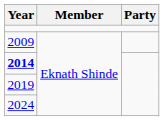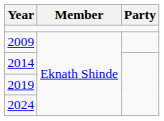 <table class="wikitable">
 <tr>
 <th>Year</th>
 <th>Member</th>
 <th colspan="2">Party</th>
 </tr>
 <tr>
 <td colspan="5"></td>
 </tr>
 <tr>
 <td><a href='#'>2009</a></td>
 <td rowspan="4"><a href='#'>Eknath Shinde</a></td>
 <td></td>
 </tr>
 <tr>
-<td><strong><a href='#'>2014</a></strong></td>
+<td><a href='#'>2014</a></td>
 </tr>
 <tr>
 <td><a href='#'>2019</a></td>
 </tr>
 <tr>
 <td><a href='#'>2024</a></td>
 </tr>
 </table>
